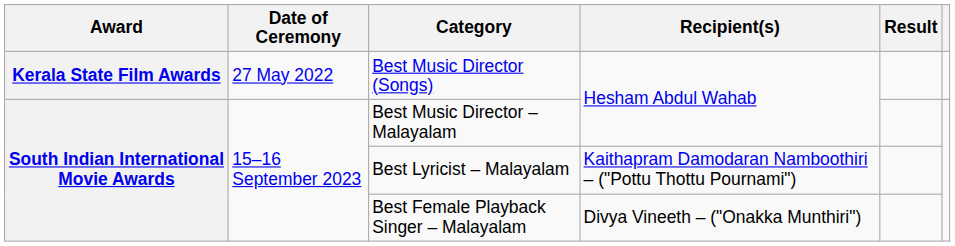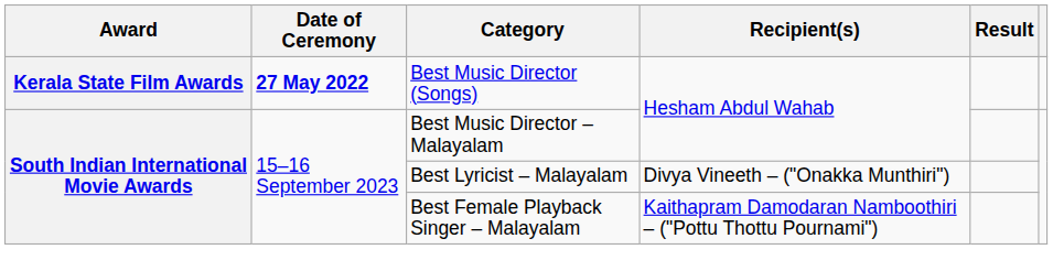 <table class="wikitable plainrowheaders sortable">
 <tr>
 <th scope="col">Award</th>
 <th scope="col">Date of Ceremony</th>
 <th scope="col">Category</th>
 <th scope="col">Recipient(s)</th>
 <th scope="col">Result</th>
 <th scope="col" class="unsortable"></th>
 </tr>
 <tr>
 <th scope="row"><a href='#'>Kerala State Film Awards</a></th>
-<td><a href='#'>27 May 2022</a></td>
+<td><strong><a href='#'>27 May 2022</a></strong></td>
 <td><a href='#'>Best Music Director (Songs)</a></td>
 <td rowspan="2"><a href='#'>Hesham Abdul Wahab</a></td>
 <td></td>
 <td align="center"><br></td>
 </tr>
 <tr>
 <th rowspan="3" scope="row"><a href='#'>South Indian International Movie Awards</a></th>
 <td rowspan="3"><a href='#'>15–16 September 2023</a></td>
 <td>Best Music Director – Malayalam</td>
 <td></td>
 <td rowspan="3" align="center"><br><br></td>
 </tr>
 <tr>
 <td>Best Lyricist – Malayalam</td>
-<td><a href='#'>Kaithapram Damodaran Namboothiri</a> – ("Pottu Thottu Pournami")</td>
+<td>Divya Vineeth – ("Onakka Munthiri")</td>
 <td></td>
 </tr>
 <tr>
 <td>Best Female Playback Singer – Malayalam</td>
-<td>Divya Vineeth – ("Onakka Munthiri")</td>
+<td><a href='#'>Kaithapram Damodaran Namboothiri</a> – ("Pottu Thottu Pournami")</td>
 <td></td>
 </tr>
 </table>
